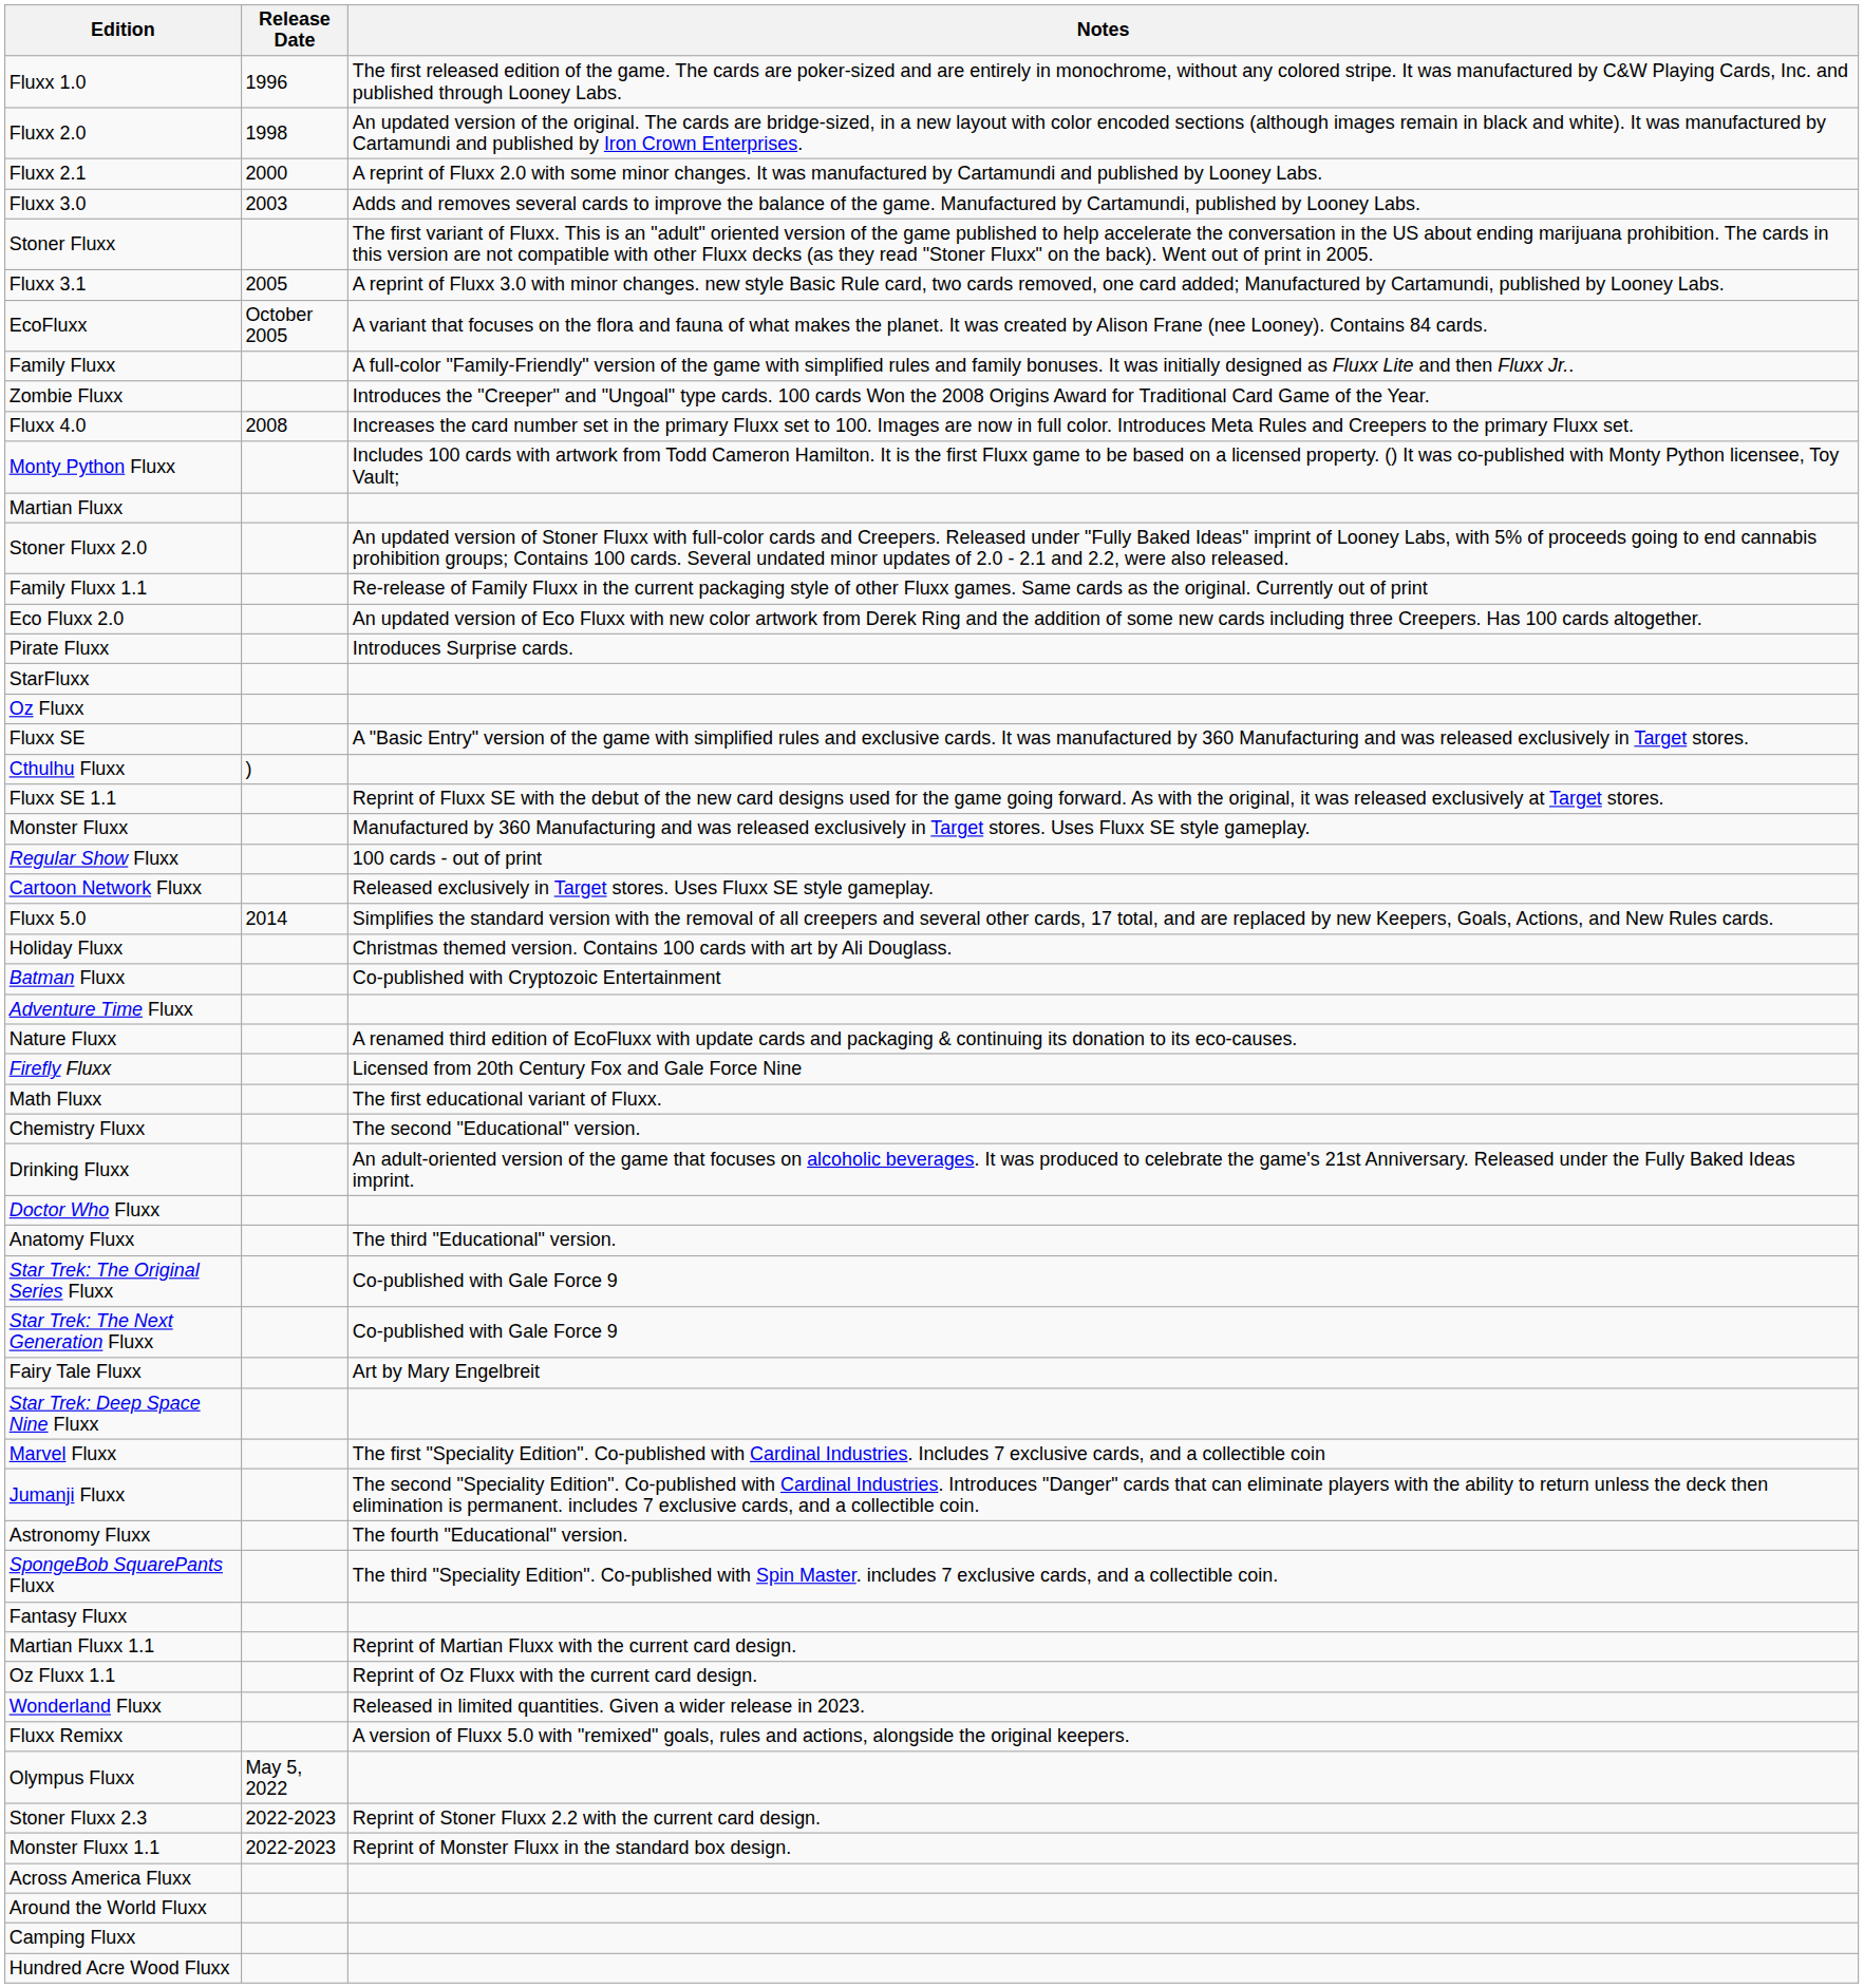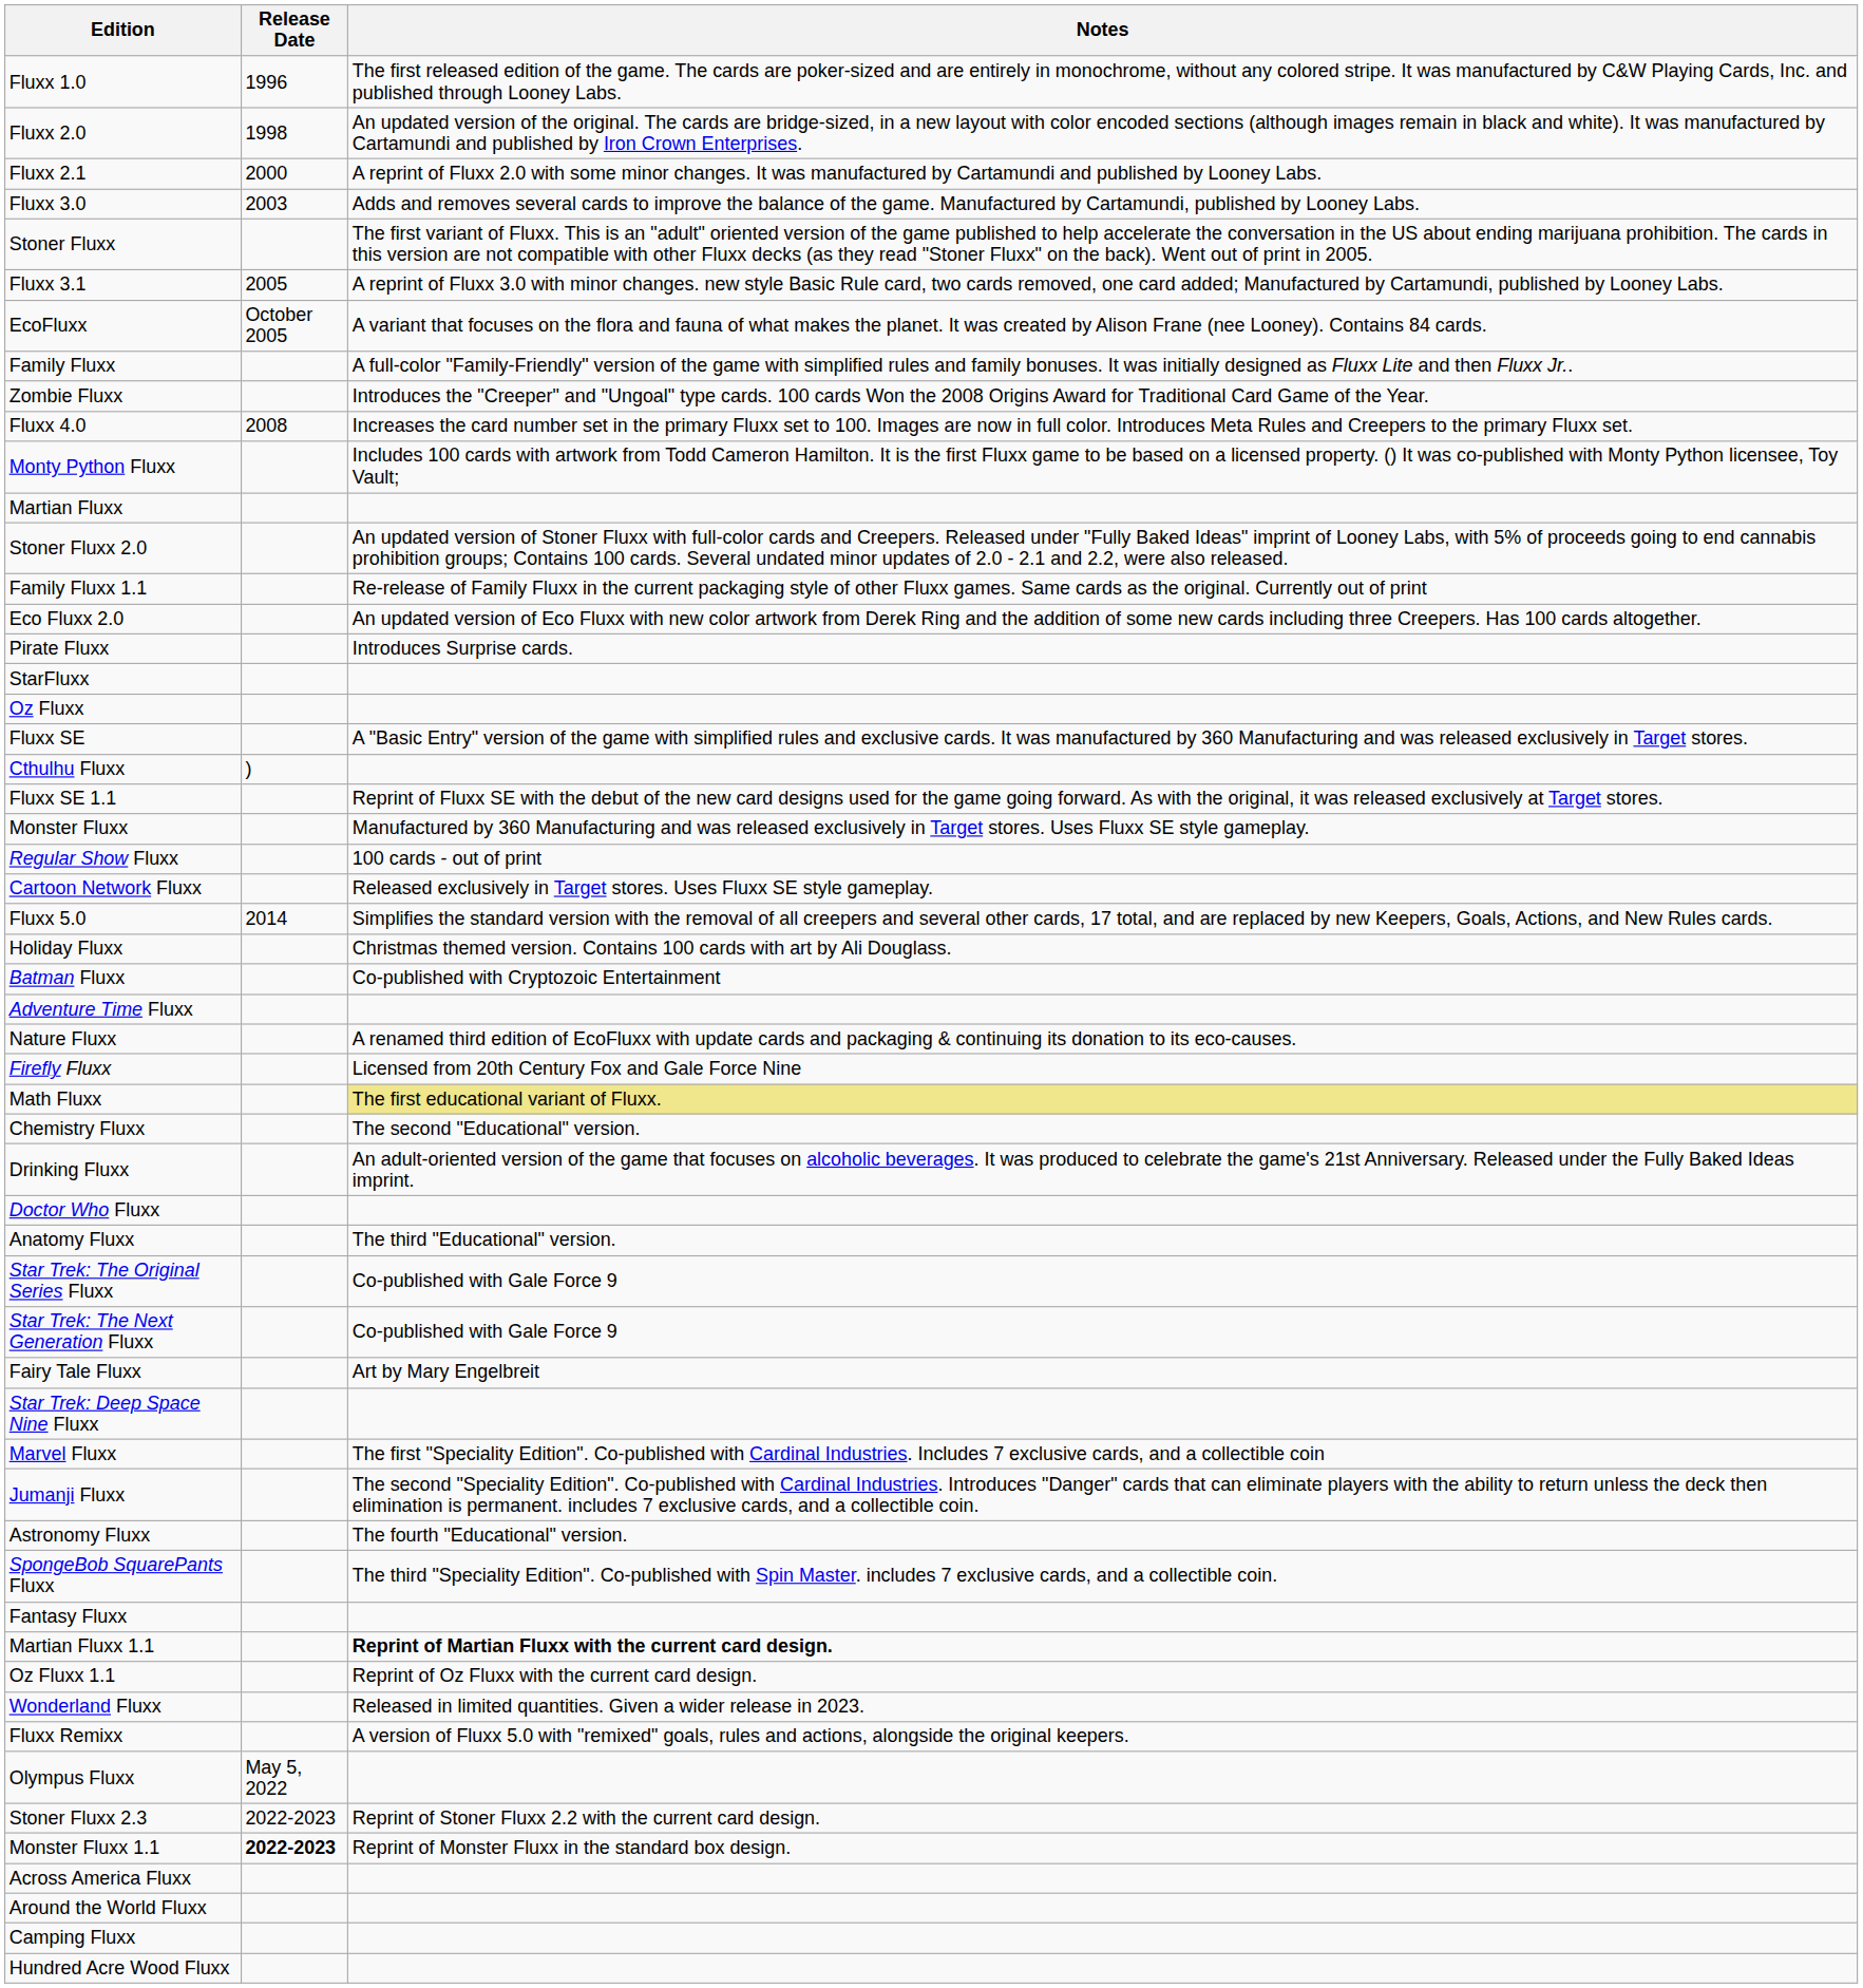 <table class="wikitable">
 <tr>
 <th>Edition</th>
 <th>Release Date</th>
 <th>Notes</th>
 </tr>
 <tr>
 <td>Fluxx 1.0</td>
 <td>1996</td>
 <td>The first released edition of the game. The cards are poker-sized and are entirely in monochrome, without any colored stripe. It was manufactured by C&W Playing Cards, Inc. and published through Looney Labs.</td>
 </tr>
 <tr>
 <td>Fluxx 2.0</td>
 <td>1998</td>
 <td>An updated version of the original. The cards are bridge-sized, in a new layout with color encoded sections (although images remain in black and white). It was manufactured by Cartamundi and published by <a href='#'>Iron Crown Enterprises</a>.</td>
 </tr>
 <tr>
 <td>Fluxx 2.1</td>
 <td>2000</td>
 <td>A reprint of Fluxx 2.0 with some minor changes. It was manufactured by Cartamundi and published by Looney Labs.</td>
 </tr>
 <tr>
 <td>Fluxx 3.0</td>
 <td>2003</td>
 <td>Adds and removes several cards to improve the balance of the game. Manufactured by Cartamundi, published by Looney Labs.</td>
 </tr>
 <tr>
 <td>Stoner Fluxx</td>
 <td></td>
 <td>The first variant of Fluxx. This is an "adult" oriented version of the game published to help accelerate the conversation in the US about ending marijuana prohibition. The cards in this version are not compatible with other Fluxx decks (as they read "Stoner Fluxx" on the back). Went out of print in 2005.</td>
 </tr>
 <tr>
 <td>Fluxx 3.1</td>
 <td>2005</td>
 <td>A reprint of Fluxx 3.0 with minor changes. new style Basic Rule card, two cards removed, one card added; Manufactured by Cartamundi, published by Looney Labs.</td>
 </tr>
 <tr>
 <td>EcoFluxx</td>
 <td>October 2005</td>
 <td>A variant that focuses on the flora and fauna of what makes the planet. It was created by Alison Frane (nee Looney). Contains 84 cards.</td>
 </tr>
 <tr>
 <td>Family Fluxx</td>
 <td></td>
 <td>A full-color "Family-Friendly" version of the game with simplified rules and family bonuses. It was initially designed as <em>Fluxx Lite</em> and then <em>Fluxx Jr.</em>.</td>
 </tr>
 <tr>
 <td>Zombie Fluxx</td>
 <td></td>
 <td>Introduces the "Creeper" and "Ungoal" type cards. 100 cards Won the 2008 Origins Award for Traditional Card Game of the Year.</td>
 </tr>
 <tr>
 <td>Fluxx 4.0</td>
 <td>2008</td>
 <td>Increases the card number set in the primary Fluxx set to 100. Images are now in full color. Introduces Meta Rules and Creepers to the primary Fluxx set.</td>
 </tr>
 <tr>
 <td><a href='#'>Monty Python</a> Fluxx</td>
 <td></td>
 <td>Includes 100 cards with artwork from Todd Cameron Hamilton. It is the first Fluxx game to be based on a licensed property. () It was co-published with Monty Python licensee, Toy Vault;</td>
 </tr>
 <tr>
 <td>Martian Fluxx</td>
 <td></td>
 <td></td>
 </tr>
 <tr>
 <td>Stoner Fluxx 2.0</td>
 <td></td>
 <td>An updated version of Stoner Fluxx with full-color cards and Creepers. Released under "Fully Baked Ideas" imprint of Looney Labs, with 5% of proceeds going to end cannabis prohibition groups; Contains 100 cards. Several undated minor updates of 2.0 - 2.1 and 2.2, were also released.</td>
 </tr>
 <tr>
 <td>Family Fluxx 1.1</td>
 <td></td>
 <td>Re-release of Family Fluxx in the current packaging style of other Fluxx games. Same cards as the original. Currently out of print</td>
 </tr>
 <tr>
 <td>Eco Fluxx 2.0</td>
 <td></td>
 <td>An updated version of Eco Fluxx with new color artwork from Derek Ring and the addition of some new cards including three Creepers. Has 100 cards altogether.</td>
 </tr>
 <tr>
 <td>Pirate Fluxx</td>
 <td></td>
 <td>Introduces Surprise cards.</td>
 </tr>
 <tr>
 <td>StarFluxx</td>
 <td></td>
 <td></td>
 </tr>
 <tr>
 <td><a href='#'>Oz</a> Fluxx</td>
 <td></td>
 <td></td>
 </tr>
 <tr>
 <td>Fluxx SE</td>
 <td></td>
 <td>A "Basic Entry" version of the game with simplified rules and exclusive cards. It was manufactured by 360 Manufacturing and was released exclusively in <a href='#'>Target</a> stores.</td>
 </tr>
 <tr>
 <td><a href='#'>Cthulhu</a> Fluxx</td>
 <td>)</td>
 <td></td>
 </tr>
 <tr>
 <td>Fluxx SE 1.1</td>
 <td></td>
 <td>Reprint of Fluxx SE with the debut of the new card designs used for the game going forward. As with the original, it was released exclusively at <a href='#'>Target</a> stores.</td>
 </tr>
 <tr>
 <td>Monster Fluxx</td>
 <td></td>
 <td>Manufactured by 360 Manufacturing and was released exclusively in <a href='#'>Target</a> stores. Uses Fluxx SE style gameplay.</td>
 </tr>
 <tr>
 <td><em><a href='#'>Regular Show</a></em> Fluxx</td>
 <td></td>
 <td>100 cards - out of print </td>
 </tr>
 <tr>
 <td><a href='#'>Cartoon Network</a> Fluxx</td>
 <td></td>
 <td>Released exclusively in <a href='#'>Target</a> stores. Uses Fluxx SE style gameplay.</td>
 </tr>
 <tr>
 <td>Fluxx 5.0</td>
 <td>2014</td>
 <td>Simplifies the standard version with the removal of all creepers and several other cards, 17 total, and are replaced by new Keepers, Goals, Actions, and New Rules cards.</td>
 </tr>
 <tr>
 <td>Holiday Fluxx</td>
 <td></td>
 <td>Christmas themed version. Contains 100 cards with art by Ali Douglass.</td>
 </tr>
 <tr>
 <td><em><a href='#'>Batman</a></em> Fluxx</td>
 <td></td>
 <td>Co-published with Cryptozoic Entertainment</td>
 </tr>
 <tr>
 <td><em><a href='#'>Adventure Time</a></em> Fluxx</td>
 <td></td>
 <td></td>
 </tr>
 <tr>
 <td>Nature Fluxx</td>
 <td></td>
 <td>A renamed third edition of EcoFluxx with update cards and packaging & continuing its donation to its eco-causes.</td>
 </tr>
 <tr>
 <td><em><a href='#'>Firefly</a> Fluxx</em></td>
 <td></td>
 <td>Licensed from 20th Century Fox and Gale Force Nine</td>
 </tr>
 <tr>
 <td>Math Fluxx</td>
 <td></td>
-<td>The first educational variant of Fluxx.</td>
+<td style="background: khaki;">The first educational variant of Fluxx.</td>
 </tr>
 <tr>
 <td>Chemistry Fluxx</td>
 <td></td>
 <td>The second "Educational" version.</td>
 </tr>
 <tr>
 <td>Drinking Fluxx</td>
 <td></td>
 <td>An adult-oriented version of the game that focuses on <a href='#'>alcoholic beverages</a>. It was produced to celebrate the game's 21st Anniversary. Released under the Fully Baked Ideas imprint.</td>
 </tr>
 <tr>
 <td><em><a href='#'>Doctor Who</a></em> Fluxx</td>
 <td></td>
 <td></td>
 </tr>
 <tr>
 <td>Anatomy Fluxx</td>
 <td></td>
 <td>The third "Educational" version.</td>
 </tr>
 <tr>
 <td><em><a href='#'>Star Trek: The Original Series</a></em> Fluxx</td>
 <td></td>
 <td>Co-published with Gale Force 9</td>
 </tr>
 <tr>
 <td><em><a href='#'>Star Trek: The Next Generation</a></em> Fluxx</td>
 <td></td>
 <td>Co-published with Gale Force 9</td>
 </tr>
 <tr>
 <td>Fairy Tale Fluxx</td>
 <td></td>
 <td>Art by Mary Engelbreit</td>
 </tr>
 <tr>
 <td><em><a href='#'>Star Trek: Deep Space Nine</a></em> Fluxx</td>
 <td></td>
 <td></td>
 </tr>
 <tr>
 <td><a href='#'>Marvel</a> Fluxx</td>
 <td></td>
 <td>The first "Speciality Edition". Co-published with <a href='#'>Cardinal Industries</a>. Includes  7 exclusive cards, and a collectible coin</td>
 </tr>
 <tr>
 <td><a href='#'>Jumanji</a> Fluxx</td>
 <td></td>
 <td>The second "Speciality Edition". Co-published with <a href='#'>Cardinal Industries</a>. Introduces "Danger" cards that can eliminate players with the ability to return unless the deck then elimination is permanent. includes 7 exclusive cards, and a collectible coin.</td>
 </tr>
 <tr>
 <td>Astronomy Fluxx</td>
 <td></td>
 <td>The fourth "Educational" version.</td>
 </tr>
 <tr>
 <td><em><a href='#'>SpongeBob SquarePants</a></em> Fluxx</td>
 <td></td>
 <td>The third "Speciality Edition". Co-published with <a href='#'>Spin Master</a>. includes 7 exclusive cards, and a collectible coin.</td>
 </tr>
 <tr>
 <td>Fantasy Fluxx</td>
 <td></td>
 <td></td>
 </tr>
 <tr>
 <td>Martian Fluxx 1.1</td>
 <td></td>
-<td>Reprint of Martian Fluxx with the current card design.</td>
+<td><strong>Reprint of Martian Fluxx with the current card design.</strong></td>
 </tr>
 <tr>
 <td>Oz Fluxx 1.1</td>
 <td></td>
 <td>Reprint of Oz Fluxx with the current card design.</td>
 </tr>
 <tr>
 <td><a href='#'>Wonderland</a> Fluxx</td>
 <td></td>
 <td>Released in limited quantities. Given a wider release in 2023.</td>
 </tr>
 <tr>
 <td>Fluxx Remixx</td>
 <td></td>
 <td>A version of Fluxx 5.0 with "remixed" goals, rules and actions, alongside the original keepers.</td>
 </tr>
 <tr>
 <td>Olympus Fluxx</td>
 <td>May 5, 2022</td>
 <td></td>
 </tr>
 <tr>
 <td>Stoner Fluxx 2.3</td>
 <td>2022-2023</td>
 <td>Reprint of Stoner Fluxx 2.2 with the current card design.</td>
 </tr>
 <tr>
 <td>Monster Fluxx 1.1</td>
-<td>2022-2023</td>
+<td><strong>2022-2023</strong></td>
 <td>Reprint of Monster Fluxx in the standard box design.</td>
 </tr>
 <tr>
 <td>Across America Fluxx</td>
 <td></td>
 <td></td>
 </tr>
 <tr>
 <td>Around the World Fluxx</td>
 <td></td>
 <td></td>
 </tr>
 <tr>
 <td>Camping Fluxx</td>
 <td></td>
 <td></td>
 </tr>
 <tr>
 <td>Hundred Acre Wood Fluxx</td>
 <td></td>
 <td></td>
 </tr>
 </table>
